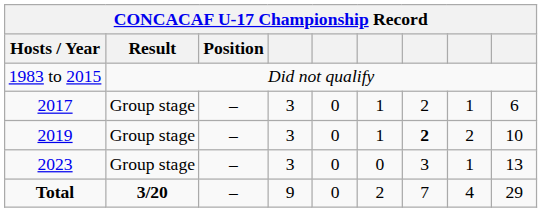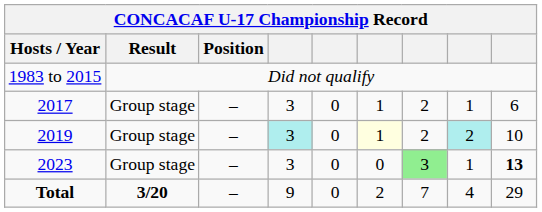 <table class="wikitable" style="text-align: center;font-size:90%;">
 <tr>
 <th colspan=9><a href='#'>CONCACAF U-17 Championship</a> Record</th>
 </tr>
 <tr>
 <th>Hosts / Year</th>
 <th>Result</th>
 <th>Position</th>
 <th width=30></th>
 <th width=30></th>
 <th width=30></th>
 <th width=30></th>
 <th width=30></th>
 <th width=30></th>
 </tr>
 <tr>
 <td> <a href='#'>1983</a> to  <a href='#'>2015</a></td>
 <td colspan="9"><em>Did not qualify</em></td>
 </tr>
 <tr>
 <td> <a href='#'>2017</a></td>
 <td>Group stage</td>
 <td>–</td>
 <td>3</td>
 <td>0</td>
 <td>1</td>
 <td>2</td>
 <td>1</td>
 <td>6</td>
 </tr>
 <tr>
 <td> <a href='#'>2019</a></td>
 <td>Group stage</td>
 <td>–</td>
-<td>3</td>
+<td style="background: paleturquoise;">3</td>
 <td>0</td>
-<td>1</td>
-<td><strong>2</strong></td>
+<td style="background: lightyellow;">1</td>
 <td>2</td>
+<td style="background: paleturquoise;">2</td>
 <td>10</td>
 </tr>
 <tr>
 <td> <a href='#'>2023</a></td>
 <td>Group stage</td>
 <td>–</td>
 <td>3</td>
 <td>0</td>
 <td>0</td>
-<td>3</td>
+<td style="background: lightgreen;">3</td>
 <td>1</td>
-<td>13</td>
+<td><strong>13</strong></td>
 </tr>
 <tr>
 <td><strong>Total</strong></td>
 <td><strong>3/20</strong></td>
 <td>–</td>
 <td>9</td>
 <td>0</td>
 <td>2</td>
 <td>7</td>
 <td>4</td>
 <td>29</td>
 </tr>
 </table>
